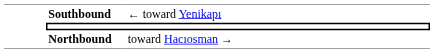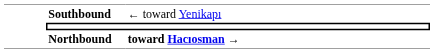 <table table border=0 cellspacing=0 cellpadding=3>
 <tr>
 <td style="border-top:solid 1px gray;border-bottom:solid 1px gray;" width=50 rowspan=3 valign=top></td>
 <td style="border-top:solid 1px gray;" width=100><strong>Southbound</strong></td>
 <td style="border-top:solid 1px gray;" width=400>←  toward <a href='#'>Yenikapı</a></td>
 </tr>
 <tr>
 <td style="border-top:solid 2px black;border-right:solid 2px black;border-left:solid 2px black;border-bottom:solid 2px black;text-align:center;" colspan=2></td>
 </tr>
 <tr>
 <td style="border-bottom:solid 1px gray;"><strong>Northbound</strong></td>
-<td style="border-bottom:solid 1px gray;"> toward <a href='#'>Hacıosman</a>  →</td>
+<td style="border-bottom:solid 1px gray;"><strong> toward <a href='#'>Hacıosman</a>  →</strong></td>
 </tr>
 </table>
